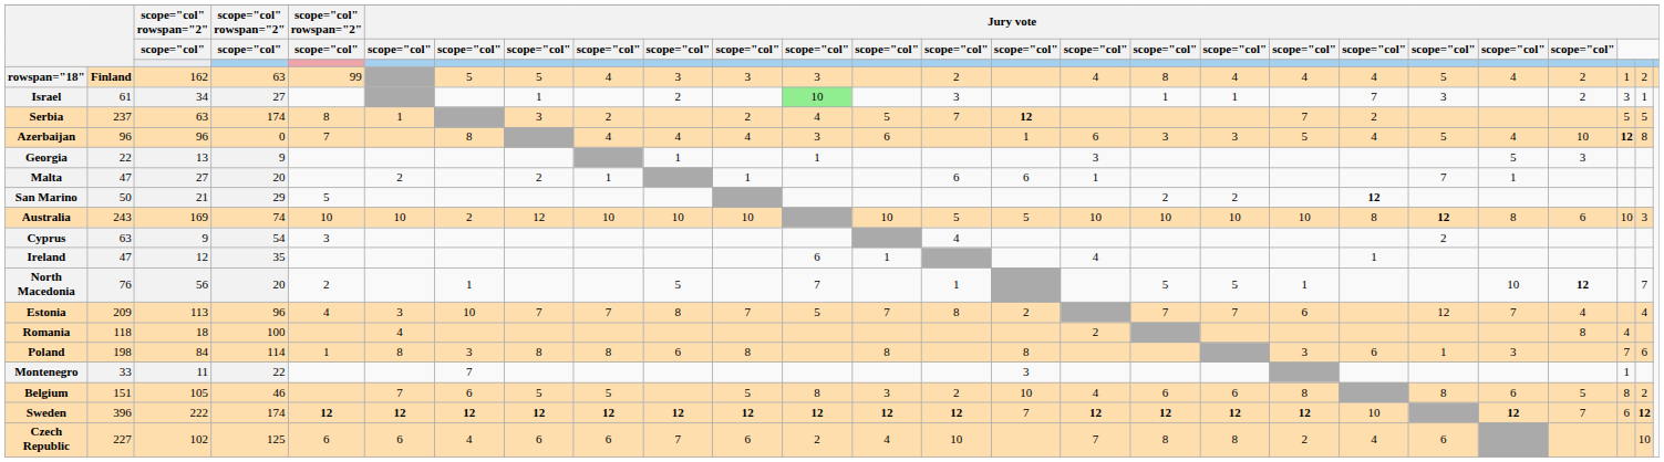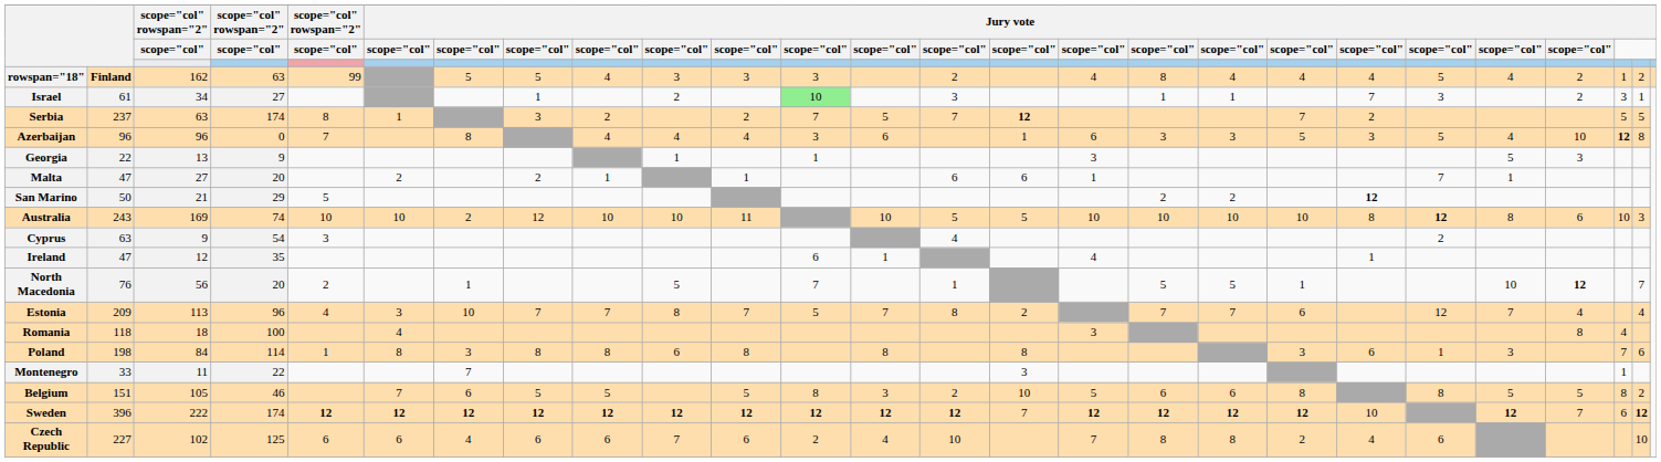 <table class="wikitable plainrowheaders" style="text-align: center; font-size: 85%;">
 <tr>
 </tr>
 <tr>
 <td colspan="2" rowspan="3" style="background: #F2F2F2;"></td>
 <th>scope="col" rowspan="2" </th>
 <th>scope="col" rowspan="2" </th>
 <th>scope="col" rowspan="2" </th>
 <th colspan="22" scope="col">Jury vote</th>
 </tr>
 <tr>
 <th>scope="col" </th>
 <th>scope="col" </th>
 <th>scope="col" </th>
 <th>scope="col" </th>
 <th>scope="col" </th>
 <th>scope="col" </th>
 <th>scope="col" </th>
 <th>scope="col" </th>
 <th>scope="col" </th>
 <th>scope="col" </th>
 <th>scope="col" </th>
 <th>scope="col" </th>
 <th>scope="col" </th>
 <th>scope="col" </th>
 <th>scope="col" </th>
 <th>scope="col" </th>
 <th>scope="col" </th>
 <th>scope="col" </th>
 <th>scope="col" </th>
 <th>scope="col" </th>
 <th>scope="col" </th>
 </tr>
 <tr>
 <td style="height:2px; background: #eaecf0; border-top:1px solid transparent;"></td>
 <td style="background: #A4D1EF;"></td>
 <td style="background: #EFA4A9;"></td>
 <td style="background: #A4D1EF;"></td>
 <td style="background: #A4D1EF;"></td>
 <td style="background: #A4D1EF;"></td>
 <td style="background: #A4D1EF;"></td>
 <td style="background: #A4D1EF;"></td>
 <td style="background: #A4D1EF;"></td>
 <td style="background: #A4D1EF;"></td>
 <td style="background: #A4D1EF;"></td>
 <td style="background: #A4D1EF;"></td>
 <td style="background: #A4D1EF;"></td>
 <td style="background: #A4D1EF;"></td>
 <td style="background: #A4D1EF;"></td>
 <td style="background: #A4D1EF;"></td>
 <td style="background: #A4D1EF;"></td>
 <td style="background: #A4D1EF;"></td>
 <td style="background: #A4D1EF;"></td>
 <td style="background: #A4D1EF;"></td>
 <td style="background: #A4D1EF;"></td>
 <td style="background: #A4D1EF;"></td>
 <td style="background: #A4D1EF;"></td>
 <td style="background: #A4D1EF;"></td>
 </tr>
 <tr style="background:#ffdead;">
 <th>rowspan="18" </th>
 <th scope="row" style="font-weight: bold; background: #ffdead;">Finland</th>
 <td style="text-align: right;">162</td>
 <td style="text-align: right;">63</td>
 <td style="text-align: right;">99</td>
 <td style="background: #aaa;"></td>
 <td>5</td>
 <td>5</td>
 <td>4</td>
 <td>3</td>
 <td>3</td>
 <td>3</td>
 <td></td>
 <td>2</td>
 <td></td>
 <td>4</td>
 <td>8</td>
 <td>4</td>
 <td>4</td>
 <td>4</td>
 <td>5</td>
 <td>4</td>
 <td>2</td>
 <td>1</td>
 <td>2</td>
 <td></td>
 </tr>
 <tr>
 <th scope="row" style="background: #f2f2f2;">Israel</th>
 <td style="text-align: right; background: #f2f2f2;">61</td>
 <td style="text-align: right; background: #f2f2f2;">34</td>
 <td style="text-align: right; background: #f2f2f2;">27</td>
 <td></td>
 <td style="background: #aaa;"></td>
 <td></td>
 <td>1</td>
 <td></td>
 <td>2</td>
 <td></td>
 <td style="background: lightgreen;">10</td>
 <td></td>
 <td>3</td>
 <td></td>
 <td></td>
 <td>1</td>
 <td>1</td>
 <td></td>
 <td>7</td>
 <td>3</td>
 <td></td>
 <td>2</td>
 <td>3</td>
 <td>1</td>
 </tr>
 <tr style="background:#ffdead;">
 <th scope="row" style="font-weight: bold; background: #ffdead;">Serbia</th>
 <td style="text-align: right;">237</td>
 <td style="text-align: right;">63</td>
 <td style="text-align: right;">174</td>
 <td>8</td>
 <td>1</td>
 <td style="background: #aaa;"></td>
 <td>3</td>
 <td>2</td>
 <td></td>
 <td>2</td>
-<td>4</td>
+<td>7</td>
 <td>5</td>
 <td>7</td>
 <td><strong>12</strong></td>
 <td></td>
 <td></td>
 <td></td>
 <td>7</td>
 <td>2</td>
 <td></td>
 <td></td>
 <td></td>
 <td>5</td>
 <td>5</td>
 </tr>
 <tr style="background:#ffdead;">
 <th scope="row" style="font-weight: bold; background: #ffdead;">Azerbaijan</th>
 <td style="text-align: right;">96</td>
 <td style="text-align: right;">96</td>
 <td style="text-align: right;">0</td>
 <td>7</td>
 <td></td>
 <td>8</td>
 <td style="background: #aaa;"></td>
 <td>4</td>
 <td>4</td>
 <td>4</td>
 <td>3</td>
 <td>6</td>
 <td></td>
 <td>1</td>
 <td>6</td>
 <td>3</td>
 <td>3</td>
 <td>5</td>
-<td>4</td>
+<td>3</td>
 <td>5</td>
 <td>4</td>
 <td>10</td>
 <td><strong>12</strong></td>
 <td>8</td>
 </tr>
 <tr>
 <th scope="row" style="background: #f2f2f2;">Georgia</th>
 <td style="text-align: right; background: #f2f2f2;">22</td>
 <td style="text-align: right; background: #f2f2f2;">13</td>
 <td style="text-align: right; background: #f2f2f2;">9</td>
 <td></td>
 <td></td>
 <td></td>
 <td></td>
 <td style="background: #aaa;"></td>
 <td>1</td>
 <td></td>
 <td>1</td>
 <td></td>
 <td></td>
 <td></td>
 <td>3</td>
 <td></td>
 <td></td>
 <td></td>
 <td></td>
 <td></td>
 <td>5</td>
 <td>3</td>
 <td></td>
 <td></td>
 </tr>
 <tr>
 <th scope="row" style="background: #f2f2f2;">Malta</th>
 <td style="text-align: right; background: #f2f2f2;">47</td>
 <td style="text-align: right; background: #f2f2f2;">27</td>
 <td style="text-align: right; background: #f2f2f2;">20</td>
 <td></td>
 <td>2</td>
 <td></td>
 <td>2</td>
 <td>1</td>
 <td style="background: #aaa;"></td>
 <td>1</td>
 <td></td>
 <td></td>
 <td>6</td>
 <td>6</td>
 <td>1</td>
 <td></td>
 <td></td>
 <td></td>
 <td></td>
 <td>7</td>
 <td>1</td>
 <td></td>
 <td></td>
 <td></td>
 </tr>
 <tr>
 <th scope="row" style="background: #f2f2f2;">San Marino</th>
 <td style="text-align: right; background: #f2f2f2;">50</td>
 <td style="text-align: right; background: #f2f2f2;">21</td>
 <td style="text-align: right; background: #f2f2f2;">29</td>
 <td>5</td>
 <td></td>
 <td></td>
 <td></td>
 <td></td>
 <td></td>
 <td style="background: #aaa;"></td>
 <td></td>
 <td></td>
 <td></td>
 <td></td>
 <td></td>
 <td>2</td>
 <td>2</td>
 <td></td>
 <td><strong>12</strong></td>
 <td></td>
 <td></td>
 <td></td>
 <td></td>
 <td></td>
 </tr>
 <tr style="background:#ffdead;">
 <th scope="row" style="font-weight: bold; background: #ffdead;">Australia</th>
 <td style="text-align: right;">243</td>
 <td style="text-align: right;">169</td>
 <td style="text-align: right;">74</td>
 <td>10</td>
 <td>10</td>
 <td>2</td>
 <td>12</td>
 <td>10</td>
 <td>10</td>
-<td>10</td>
+<td>11</td>
 <td style="background: #aaa;"></td>
 <td>10</td>
 <td>5</td>
 <td>5</td>
 <td>10</td>
 <td>10</td>
 <td>10</td>
 <td>10</td>
 <td>8</td>
 <td><strong>12</strong></td>
 <td>8</td>
 <td>6</td>
 <td>10</td>
 <td>3</td>
 </tr>
 <tr>
 <th scope="row" style="background: #f2f2f2;">Cyprus</th>
 <td style="text-align: right; background: #f2f2f2;">63</td>
 <td style="text-align: right; background: #f2f2f2;">9</td>
 <td style="text-align: right; background: #f2f2f2;">54</td>
 <td>3</td>
 <td></td>
 <td></td>
 <td></td>
 <td></td>
 <td></td>
 <td></td>
 <td></td>
 <td style="background: #aaa;"></td>
 <td>4</td>
 <td></td>
 <td></td>
 <td></td>
 <td></td>
 <td></td>
 <td></td>
 <td>2</td>
 <td></td>
 <td></td>
 <td></td>
 <td></td>
 </tr>
 <tr>
 <th scope="row" style="background: #f2f2f2;">Ireland</th>
 <td style="text-align: right; background: #f2f2f2;">47</td>
 <td style="text-align: right; background: #f2f2f2;">12</td>
 <td style="text-align: right; background: #f2f2f2;">35</td>
 <td></td>
 <td></td>
 <td></td>
 <td></td>
 <td></td>
 <td></td>
 <td></td>
 <td>6</td>
 <td>1</td>
 <td style="background: #aaa;"></td>
 <td></td>
 <td>4</td>
 <td></td>
 <td></td>
 <td></td>
 <td>1</td>
 <td></td>
 <td></td>
 <td></td>
 <td></td>
 <td></td>
 </tr>
 <tr>
 <th scope="row" style="background: #f2f2f2;">North Macedonia</th>
 <td style="text-align: right; background: #f2f2f2;">76</td>
 <td style="text-align: right; background: #f2f2f2;">56</td>
 <td style="text-align: right; background: #f2f2f2;">20</td>
 <td>2</td>
 <td></td>
 <td>1</td>
 <td></td>
 <td></td>
 <td>5</td>
 <td></td>
 <td>7</td>
 <td></td>
 <td>1</td>
 <td style="background: #aaa;"></td>
 <td></td>
 <td>5</td>
 <td>5</td>
 <td>1</td>
 <td></td>
 <td></td>
 <td>10</td>
 <td><strong>12</strong></td>
 <td></td>
 <td>7</td>
 </tr>
 <tr style="background:#ffdead;">
 <th scope="row" style="font-weight: bold; background: #ffdead;">Estonia</th>
 <td style="text-align: right;">209</td>
 <td style="text-align: right;">113</td>
 <td style="text-align: right;">96</td>
 <td>4</td>
 <td>3</td>
 <td>10</td>
 <td>7</td>
 <td>7</td>
 <td>8</td>
 <td>7</td>
 <td>5</td>
 <td>7</td>
 <td>8</td>
 <td>2</td>
 <td style="background: #aaa;"></td>
 <td>7</td>
 <td>7</td>
 <td>6</td>
 <td></td>
 <td>12</td>
 <td>7</td>
 <td>4</td>
 <td></td>
 <td>4</td>
 </tr>
 <tr style="background:#ffdead;">
 <th scope="row" style="font-weight: bold; background: #ffdead;">Romania</th>
 <td style="text-align: right;">118</td>
 <td style="text-align: right;">18</td>
 <td style="text-align: right;">100</td>
 <td></td>
 <td>4</td>
 <td></td>
 <td></td>
 <td></td>
 <td></td>
 <td></td>
 <td></td>
 <td></td>
 <td></td>
 <td></td>
-<td>2</td>
+<td>3</td>
 <td style="background: #aaa;"></td>
 <td></td>
 <td></td>
 <td></td>
 <td></td>
 <td></td>
 <td>8</td>
 <td>4</td>
 <td></td>
 </tr>
 <tr style="background:#ffdead;">
 <th scope="row" style="font-weight: bold; background: #ffdead;">Poland</th>
 <td style="text-align: right;">198</td>
 <td style="text-align: right;">84</td>
 <td style="text-align: right;">114</td>
 <td>1</td>
 <td>8</td>
 <td>3</td>
 <td>8</td>
 <td>8</td>
 <td>6</td>
 <td>8</td>
 <td></td>
 <td>8</td>
 <td></td>
 <td>8</td>
 <td></td>
 <td></td>
 <td style="background: #aaa;"></td>
 <td>3</td>
 <td>6</td>
 <td>1</td>
 <td>3</td>
 <td></td>
 <td>7</td>
 <td>6</td>
 </tr>
 <tr>
 <th scope="row" style="background: #f2f2f2;">Montenegro</th>
 <td style="text-align: right; background: #f2f2f2;">33</td>
 <td style="text-align: right; background: #f2f2f2;">11</td>
 <td style="text-align: right; background: #f2f2f2;">22</td>
 <td></td>
 <td></td>
 <td>7</td>
 <td></td>
 <td></td>
 <td></td>
 <td></td>
 <td></td>
 <td></td>
 <td></td>
 <td>3</td>
 <td></td>
 <td></td>
 <td></td>
 <td style="background: #aaa;"></td>
 <td></td>
 <td></td>
 <td></td>
 <td></td>
 <td>1</td>
 <td></td>
 </tr>
 <tr style="background:#ffdead;">
 <th scope="row" style="font-weight: bold; background: #ffdead;">Belgium</th>
 <td style="text-align: right;">151</td>
 <td style="text-align: right;">105</td>
 <td style="text-align: right;">46</td>
 <td></td>
 <td>7</td>
 <td>6</td>
 <td>5</td>
 <td>5</td>
 <td></td>
 <td>5</td>
 <td>8</td>
 <td>3</td>
 <td>2</td>
 <td>10</td>
-<td>4</td>
+<td>5</td>
 <td>6</td>
 <td>6</td>
 <td>8</td>
 <td style="background: #aaa;"></td>
 <td>8</td>
-<td>6</td>
+<td>5</td>
 <td>5</td>
 <td>8</td>
 <td>2</td>
 </tr>
 <tr style="background:#ffdead;">
 <th scope="row" style="font-weight: bold; background: #ffdead;">Sweden</th>
 <td style="text-align: right;">396</td>
 <td style="text-align: right;">222</td>
 <td style="text-align: right;">174</td>
 <td><strong>12</strong></td>
 <td><strong>12</strong></td>
 <td><strong>12</strong></td>
 <td><strong>12</strong></td>
 <td><strong>12</strong></td>
 <td><strong>12</strong></td>
 <td><strong>12</strong></td>
 <td><strong>12</strong></td>
 <td><strong>12</strong></td>
 <td><strong>12</strong></td>
 <td>7</td>
 <td><strong>12</strong></td>
 <td><strong>12</strong></td>
 <td><strong>12</strong></td>
 <td><strong>12</strong></td>
 <td>10</td>
 <td style="background: #aaa;"></td>
 <td><strong>12</strong></td>
 <td>7</td>
 <td>6</td>
 <td><strong>12</strong></td>
 </tr>
 <tr style="background:#ffdead;">
 <th scope="row" style="font-weight: bold; background: #ffdead;">Czech Republic</th>
 <td style="text-align: right;">227</td>
 <td style="text-align: right;">102</td>
 <td style="text-align: right;">125</td>
 <td>6</td>
 <td>6</td>
 <td>4</td>
 <td>6</td>
 <td>6</td>
 <td>7</td>
 <td>6</td>
 <td>2</td>
 <td>4</td>
 <td>10</td>
 <td></td>
 <td>7</td>
 <td>8</td>
 <td>8</td>
 <td>2</td>
 <td>4</td>
 <td>6</td>
 <td style="background: #aaa;"></td>
 <td></td>
 <td></td>
 <td>10</td>
 </tr>
 </table>
